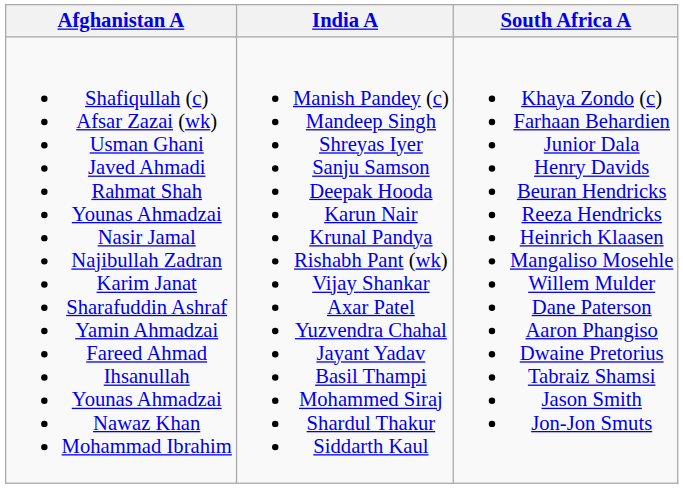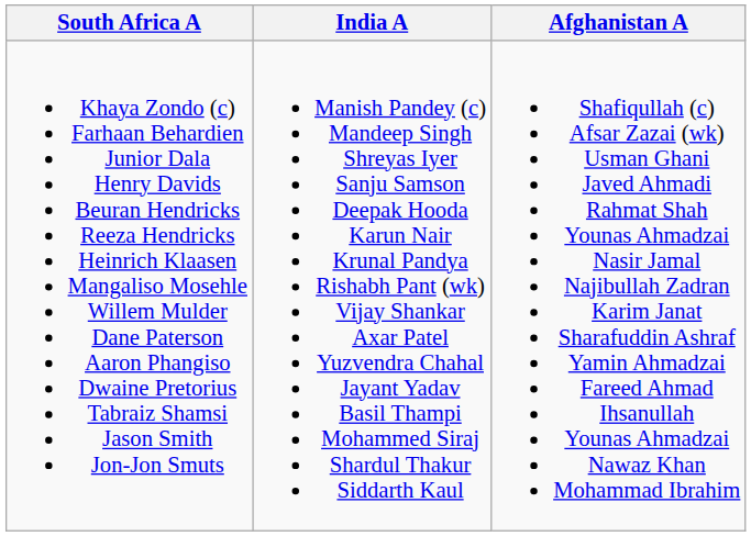 <table class="wikitable" style="text-align:center; margin:0 auto">
 <tr>
+<th><a href='#'>South Africa A</a> </th>
+<th><a href='#'>India A</a> </th>
 <th><a href='#'>Afghanistan A</a> </th>
-<th><a href='#'>India A</a> </th>
-<th><a href='#'>South Africa A</a> </th>
 </tr>
 <tr style="vertical-align:top">
+<td><br><ul><li><a href='#'>Khaya Zondo</a> (<a href='#'>c</a>)</li><li><a href='#'>Farhaan Behardien</a></li><li><a href='#'>Junior Dala</a></li><li><a href='#'>Henry Davids</a></li><li><a href='#'>Beuran Hendricks</a></li><li><a href='#'>Reeza Hendricks</a></li><li><a href='#'>Heinrich Klaasen</a></li><li><a href='#'>Mangaliso Mosehle</a></li><li><a href='#'>Willem Mulder</a></li><li><a href='#'>Dane Paterson</a></li><li><a href='#'>Aaron Phangiso</a></li><li><a href='#'>Dwaine Pretorius</a></li><li><a href='#'>Tabraiz Shamsi</a></li><li><a href='#'>Jason Smith</a></li><li><a href='#'>Jon-Jon Smuts</a></li></ul></td>
+<td><br><ul><li><a href='#'>Manish Pandey</a> (<a href='#'>c</a>)</li><li><a href='#'>Mandeep Singh</a></li><li><a href='#'>Shreyas Iyer</a></li><li><a href='#'>Sanju Samson</a></li><li><a href='#'>Deepak Hooda</a></li><li><a href='#'>Karun Nair</a></li><li><a href='#'>Krunal Pandya</a></li><li><a href='#'>Rishabh Pant</a> (<a href='#'>wk</a>)</li><li><a href='#'>Vijay Shankar</a></li><li><a href='#'>Axar Patel</a></li><li><a href='#'>Yuzvendra Chahal</a></li><li><a href='#'>Jayant Yadav</a></li><li><a href='#'>Basil Thampi</a></li><li><a href='#'>Mohammed Siraj</a></li><li><a href='#'>Shardul Thakur</a></li><li><a href='#'>Siddarth Kaul</a></li></ul></td>
 <td><br><ul><li><a href='#'>Shafiqullah</a> (<a href='#'>c</a>)</li><li><a href='#'>Afsar Zazai</a> (<a href='#'>wk</a>)</li><li><a href='#'>Usman Ghani</a></li><li><a href='#'>Javed Ahmadi</a></li><li><a href='#'>Rahmat Shah</a></li><li><a href='#'>Younas Ahmadzai</a></li><li><a href='#'>Nasir Jamal</a></li><li><a href='#'>Najibullah Zadran</a></li><li><a href='#'>Karim Janat</a></li><li><a href='#'>Sharafuddin Ashraf</a></li><li><a href='#'>Yamin Ahmadzai</a></li><li><a href='#'>Fareed Ahmad</a></li><li><a href='#'>Ihsanullah</a></li><li><a href='#'>Younas Ahmadzai</a></li><li><a href='#'>Nawaz Khan</a></li><li><a href='#'>Mohammad Ibrahim</a></li></ul></td>
-<td><br><ul><li><a href='#'>Manish Pandey</a> (<a href='#'>c</a>)</li><li><a href='#'>Mandeep Singh</a></li><li><a href='#'>Shreyas Iyer</a></li><li><a href='#'>Sanju Samson</a></li><li><a href='#'>Deepak Hooda</a></li><li><a href='#'>Karun Nair</a></li><li><a href='#'>Krunal Pandya</a></li><li><a href='#'>Rishabh Pant</a> (<a href='#'>wk</a>)</li><li><a href='#'>Vijay Shankar</a></li><li><a href='#'>Axar Patel</a></li><li><a href='#'>Yuzvendra Chahal</a></li><li><a href='#'>Jayant Yadav</a></li><li><a href='#'>Basil Thampi</a></li><li><a href='#'>Mohammed Siraj</a></li><li><a href='#'>Shardul Thakur</a></li><li><a href='#'>Siddarth Kaul</a></li></ul></td>
-<td><br><ul><li><a href='#'>Khaya Zondo</a> (<a href='#'>c</a>)</li><li><a href='#'>Farhaan Behardien</a></li><li><a href='#'>Junior Dala</a></li><li><a href='#'>Henry Davids</a></li><li><a href='#'>Beuran Hendricks</a></li><li><a href='#'>Reeza Hendricks</a></li><li><a href='#'>Heinrich Klaasen</a></li><li><a href='#'>Mangaliso Mosehle</a></li><li><a href='#'>Willem Mulder</a></li><li><a href='#'>Dane Paterson</a></li><li><a href='#'>Aaron Phangiso</a></li><li><a href='#'>Dwaine Pretorius</a></li><li><a href='#'>Tabraiz Shamsi</a></li><li><a href='#'>Jason Smith</a></li><li><a href='#'>Jon-Jon Smuts</a></li></ul></td>
 </tr>
 </table>
